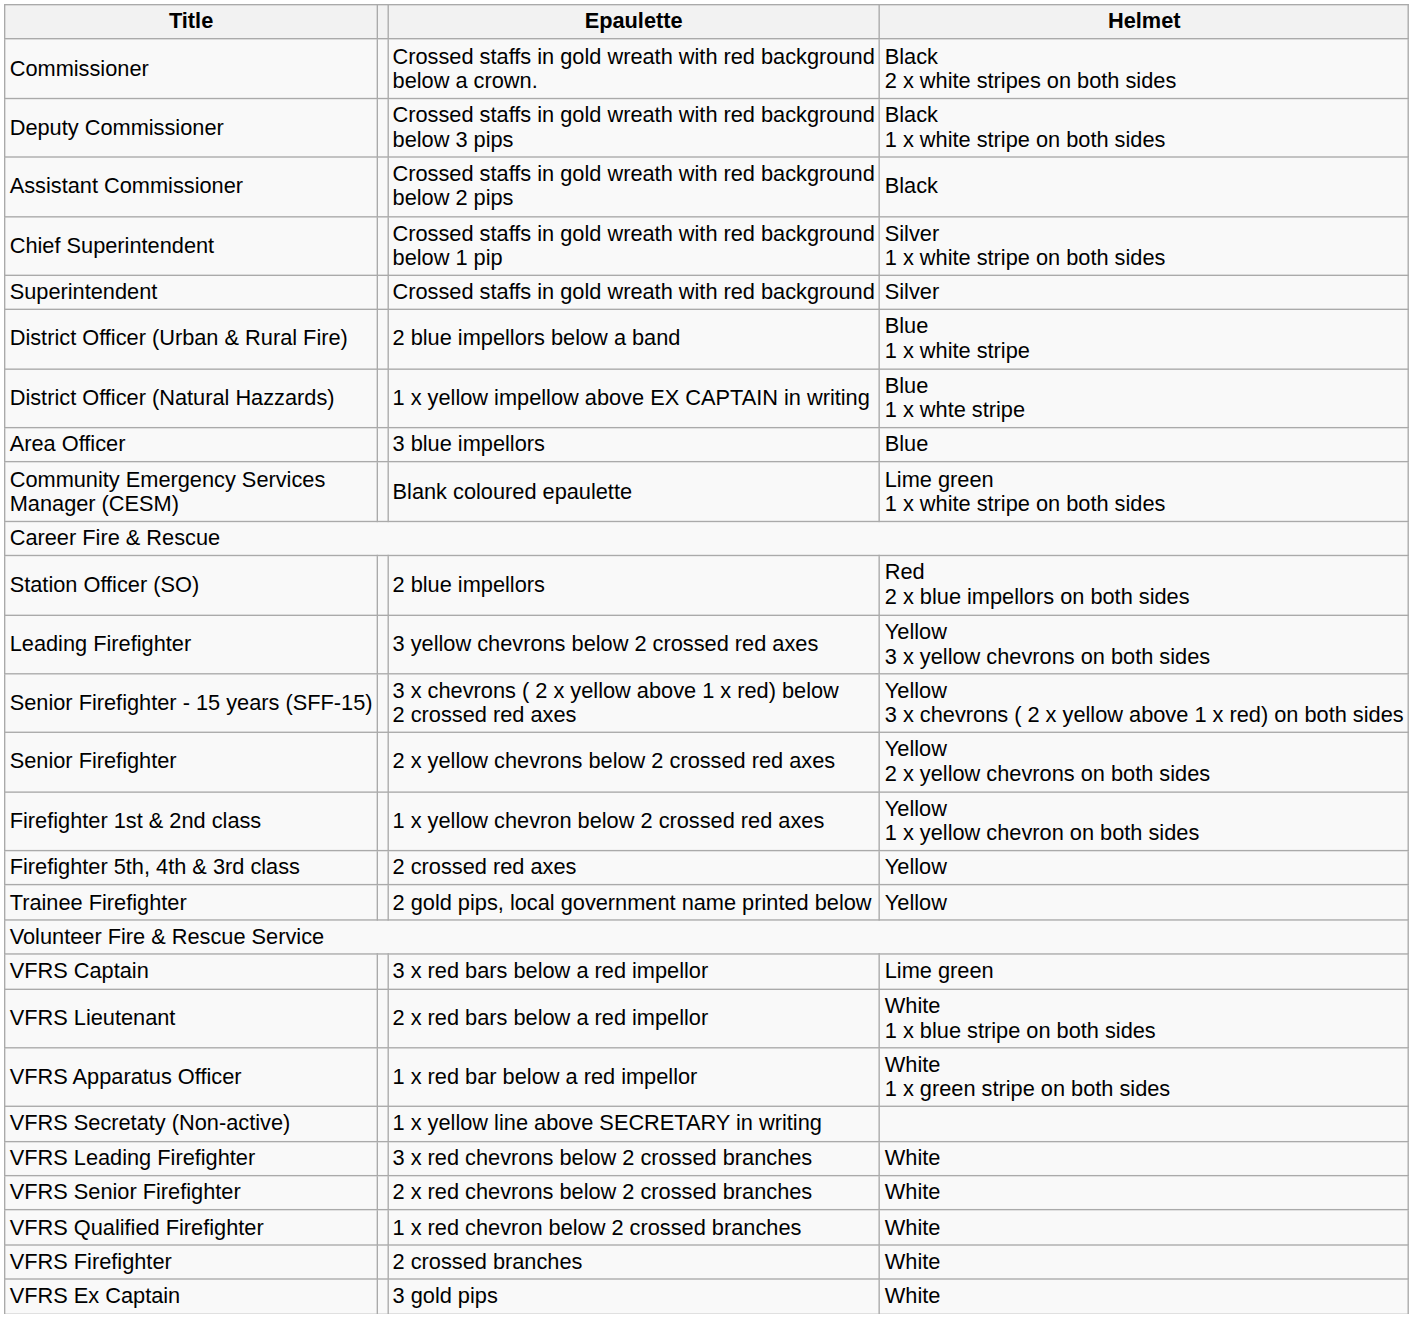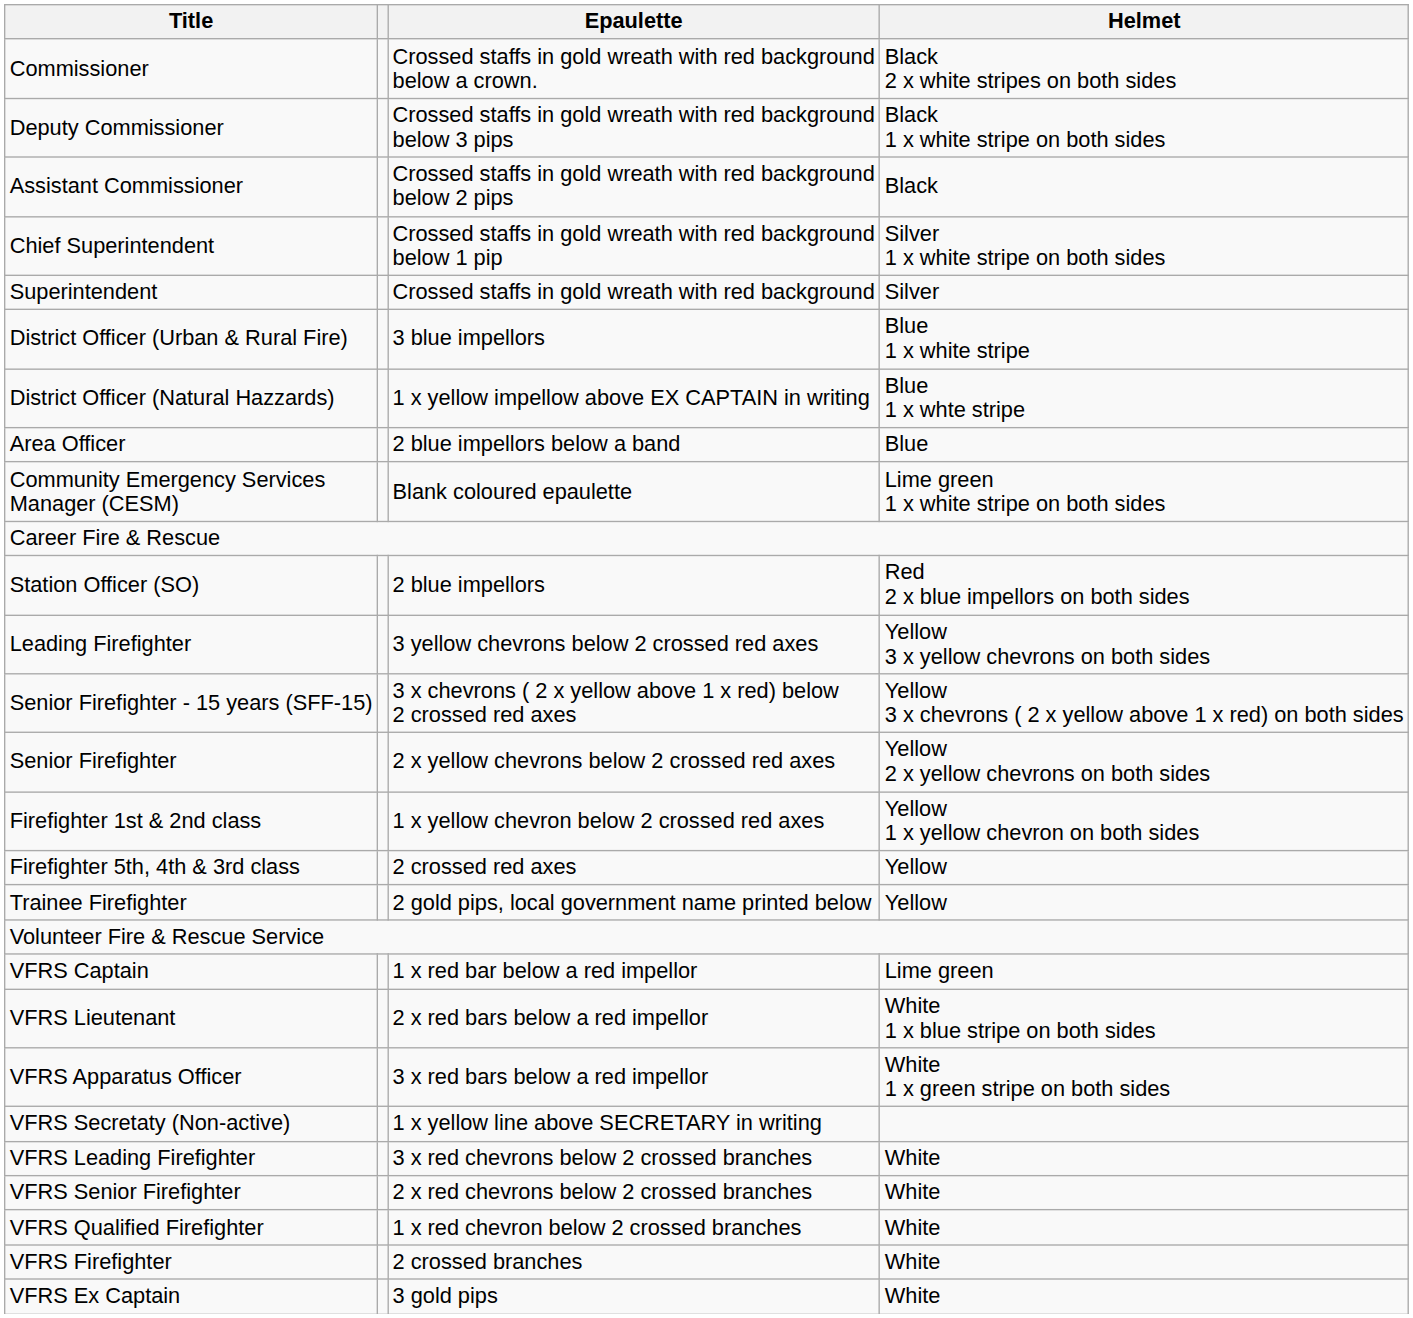 <table class="wikitable">
 <tr>
 <th>Title</th>
 <th></th>
 <th>Epaulette</th>
 <th>Helmet</th>
 </tr>
 <tr>
 <td>Commissioner</td>
 <td></td>
 <td>Crossed staffs in gold wreath with red background<br>below a crown.</td>
 <td>Black<br>2 x white stripes on both sides</td>
 </tr>
 <tr>
 <td>Deputy Commissioner</td>
 <td></td>
 <td>Crossed staffs in gold wreath with red background<br>below 3 pips</td>
 <td>Black<br>1 x white stripe on both sides</td>
 </tr>
 <tr>
 <td>Assistant Commissioner</td>
 <td></td>
 <td>Crossed staffs in gold wreath with red background<br>below 2 pips</td>
 <td>Black</td>
 </tr>
 <tr>
 <td>Chief Superintendent</td>
 <td></td>
 <td>Crossed staffs in gold wreath with red background<br>below 1 pip</td>
 <td>Silver<br>1 x white stripe on both sides</td>
 </tr>
 <tr>
 <td>Superintendent</td>
 <td></td>
 <td>Crossed staffs in gold wreath with red background</td>
 <td>Silver</td>
 </tr>
 <tr>
 <td>District Officer (Urban & Rural Fire)</td>
 <td></td>
-<td>2 blue impellors below a band</td>
+<td>3 blue impellors</td>
 <td>Blue<br>1 x white stripe</td>
 </tr>
 <tr>
 <td>District Officer (Natural Hazzards)</td>
 <td></td>
 <td>1 x yellow impellow above EX CAPTAIN in writing</td>
 <td>Blue<br>1 x whte stripe</td>
 </tr>
 <tr>
 <td>Area Officer</td>
 <td></td>
-<td>3 blue impellors</td>
+<td>2 blue impellors below a band</td>
 <td>Blue</td>
 </tr>
 <tr>
 <td>Community Emergency Services<br>Manager (CESM)</td>
 <td></td>
 <td>Blank coloured epaulette</td>
 <td>Lime green<br>1 x white stripe on both sides</td>
 </tr>
 <tr>
 <td colspan="4">Career Fire & Rescue</td>
 </tr>
 <tr>
 <td>Station Officer (SO)</td>
 <td></td>
 <td>2 blue impellors</td>
 <td>Red<br>2 x blue impellors on both sides</td>
 </tr>
 <tr>
 <td>Leading Firefighter</td>
 <td></td>
 <td>3 yellow chevrons below 2 crossed red axes</td>
 <td>Yellow<br>3 x yellow chevrons on both sides</td>
 </tr>
 <tr>
 <td>Senior Firefighter - 15 years (SFF-15)</td>
 <td></td>
 <td>3 x chevrons ( 2 x yellow above 1 x red) below<br>2 crossed red axes</td>
 <td>Yellow<br>3 x chevrons ( 2 x yellow above 1 x red) on both sides</td>
 </tr>
 <tr>
 <td>Senior Firefighter</td>
 <td></td>
 <td>2 x yellow chevrons below 2 crossed red axes</td>
 <td>Yellow<br>2 x yellow chevrons on both sides</td>
 </tr>
 <tr>
 <td>Firefighter 1st & 2nd class</td>
 <td></td>
 <td>1 x yellow chevron below 2 crossed red axes</td>
 <td>Yellow<br>1 x yellow chevron on both sides</td>
 </tr>
 <tr>
 <td>Firefighter 5th, 4th & 3rd class</td>
 <td></td>
 <td>2 crossed red axes</td>
 <td>Yellow</td>
 </tr>
 <tr>
 <td>Trainee Firefighter</td>
 <td></td>
 <td>2 gold pips, local government name printed below</td>
 <td>Yellow</td>
 </tr>
 <tr>
 <td colspan="4">Volunteer Fire & Rescue Service</td>
 </tr>
 <tr>
 <td>VFRS Captain</td>
 <td></td>
-<td>3 x red bars below a red impellor</td>
+<td>1 x red bar below a red impellor</td>
 <td>Lime green</td>
 </tr>
 <tr>
 <td>VFRS Lieutenant</td>
 <td></td>
 <td>2 x red bars below a red impellor</td>
 <td>White<br>1 x blue stripe on both sides</td>
 </tr>
 <tr>
 <td>VFRS Apparatus Officer</td>
 <td></td>
-<td>1 x red bar below a red impellor</td>
+<td>3 x red bars below a red impellor</td>
 <td>White<br>1 x green stripe on both sides</td>
 </tr>
 <tr>
 <td>VFRS Secretaty (Non-active)</td>
 <td></td>
 <td>1 x yellow line above SECRETARY in writing</td>
 <td></td>
 </tr>
 <tr>
 <td>VFRS Leading Firefighter</td>
 <td></td>
 <td>3 x red chevrons below 2 crossed branches</td>
 <td>White</td>
 </tr>
 <tr>
 <td>VFRS Senior Firefighter</td>
 <td></td>
 <td>2 x red chevrons below 2 crossed branches</td>
 <td>White</td>
 </tr>
 <tr>
 <td>VFRS Qualified Firefighter</td>
 <td></td>
 <td>1 x red chevron below 2 crossed branches</td>
 <td>White</td>
 </tr>
 <tr>
 <td>VFRS Firefighter</td>
 <td></td>
 <td>2 crossed branches</td>
 <td>White</td>
 </tr>
 <tr>
 <td>VFRS Ex Captain</td>
 <td></td>
 <td>3 gold pips</td>
 <td>White</td>
 </tr>
 </table>
